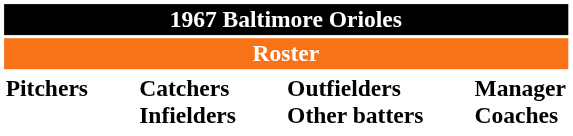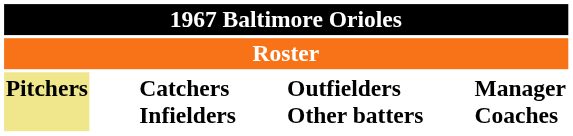 <table class="toccolours" style="font-size: 95%;">
 <tr>
 <th colspan="10" style="background-color: black; color: white; text-align: center;">1967 Baltimore Orioles</th>
 </tr>
 <tr>
 <td colspan="10" style="background-color: #F87217; color: white; text-align: center;"><strong>Roster</strong></td>
 </tr>
 <tr>
-<td valign="top"><strong>Pitchers</strong><br>                    </td>
+<td valign="top" style="background: khaki;"><strong>Pitchers</strong><br>                    </td>
 <td width="25px"></td>
 <td valign="top"><strong>Catchers</strong><br>   <strong>Infielders</strong>        </td>
 <td width="25px"></td>
 <td valign="top"><strong>Outfielders</strong><br>       <strong>Other batters</strong>  </td>
 <td width="25px"></td>
 <td valign="top"><strong>Manager</strong><br> <strong>Coaches</strong>    </td>
 </tr>
 </table>
